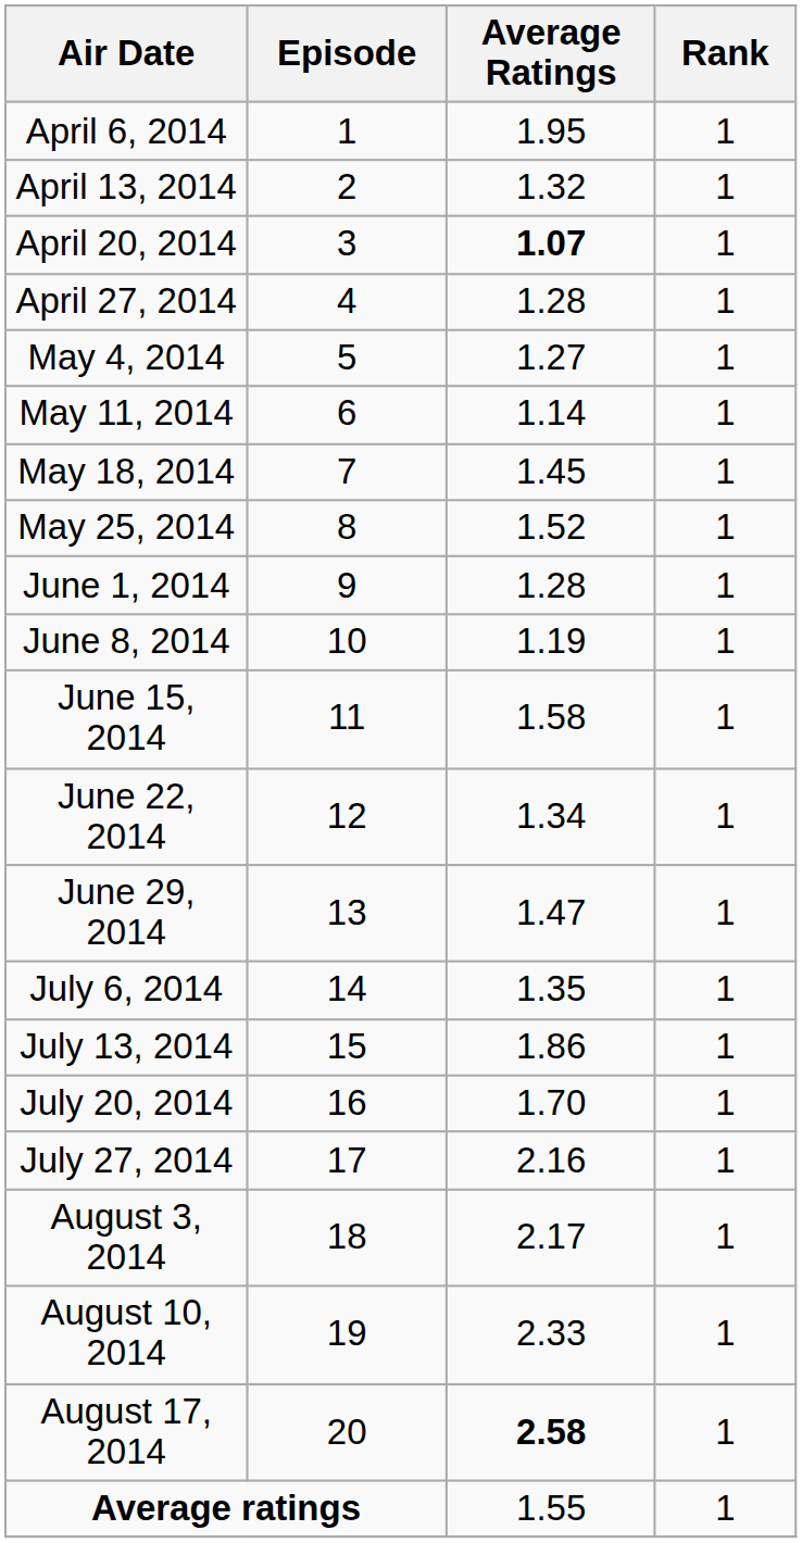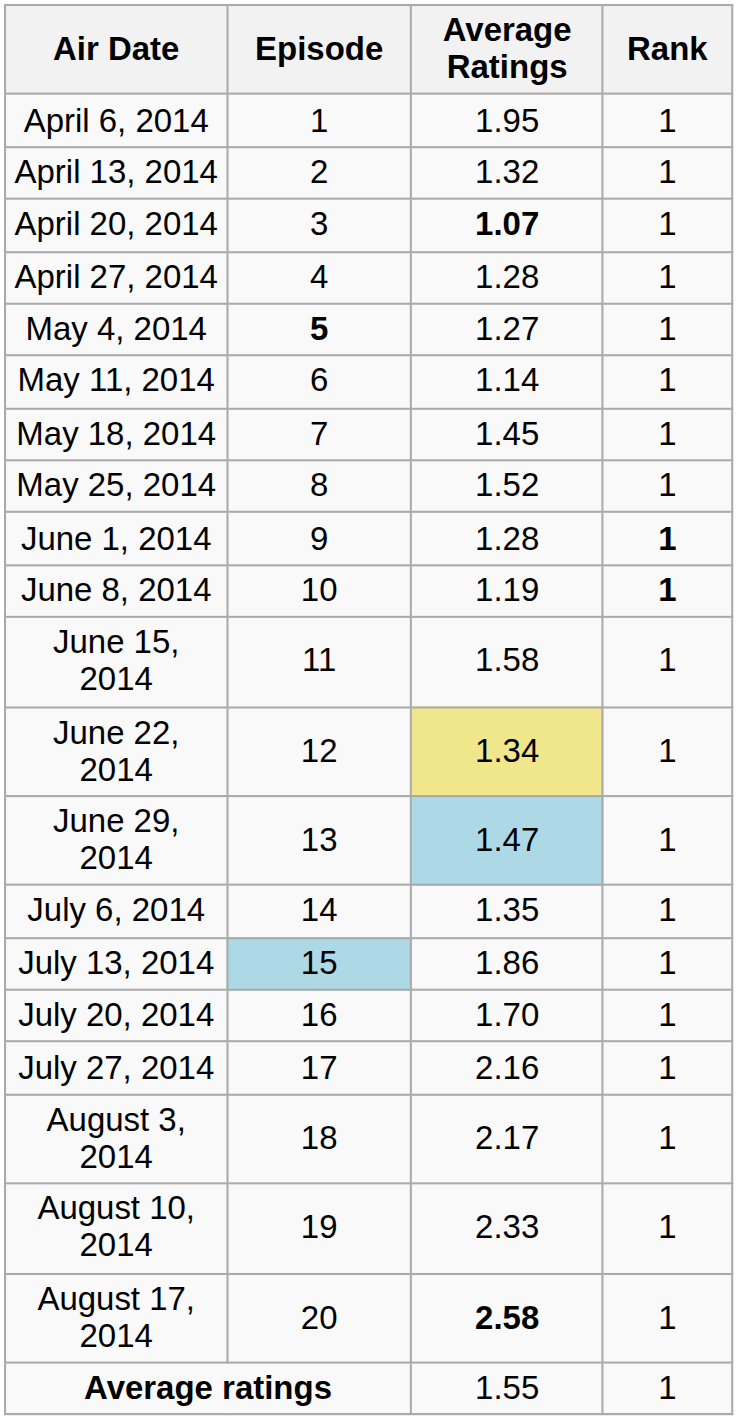 <table class="wikitable" style="text-align:center;width:40%;">
 <tr>
 <th width="13%">Air Date</th>
 <th width="5%">Episode</th>
 <th width="6%">Average Ratings</th>
 <th width="4%">Rank</th>
 </tr>
 <tr>
 <td>April 6, 2014</td>
 <td>1</td>
 <td>1.95</td>
 <td>1</td>
 </tr>
 <tr>
 <td>April 13, 2014</td>
 <td>2</td>
 <td>1.32</td>
 <td>1</td>
 </tr>
 <tr>
 <td>April 20, 2014</td>
 <td>3</td>
 <td><span><strong>1.07</strong></span></td>
 <td>1</td>
 </tr>
 <tr>
 <td>April 27, 2014</td>
 <td>4</td>
 <td>1.28</td>
 <td>1</td>
 </tr>
 <tr>
 <td>May 4, 2014</td>
-<td>5</td>
+<td><strong>5</strong></td>
 <td>1.27</td>
 <td>1</td>
 </tr>
 <tr>
 <td>May 11, 2014</td>
 <td>6</td>
 <td>1.14</td>
 <td>1</td>
 </tr>
 <tr>
 <td>May 18, 2014</td>
 <td>7</td>
 <td>1.45</td>
 <td>1</td>
 </tr>
 <tr>
 <td>May 25, 2014</td>
 <td>8</td>
 <td>1.52</td>
 <td>1</td>
 </tr>
 <tr>
 <td>June 1, 2014</td>
 <td>9</td>
 <td>1.28</td>
-<td>1</td>
+<td><strong>1</strong></td>
 </tr>
 <tr>
 <td>June 8, 2014</td>
 <td>10</td>
 <td>1.19</td>
-<td>1</td>
+<td><strong>1</strong></td>
 </tr>
 <tr>
 <td>June 15, 2014</td>
 <td>11</td>
 <td>1.58</td>
 <td>1</td>
 </tr>
 <tr>
 <td>June 22, 2014</td>
 <td>12</td>
-<td>1.34</td>
+<td style="background: khaki;">1.34</td>
 <td>1</td>
 </tr>
 <tr>
 <td>June 29, 2014</td>
 <td>13</td>
-<td>1.47</td>
+<td style="background: lightblue;">1.47</td>
 <td>1</td>
 </tr>
 <tr>
 <td>July 6, 2014</td>
 <td>14</td>
 <td>1.35</td>
 <td>1</td>
 </tr>
 <tr>
 <td>July 13, 2014</td>
-<td>15</td>
+<td style="background: lightblue;">15</td>
 <td>1.86</td>
 <td>1</td>
 </tr>
 <tr>
 <td>July 20, 2014</td>
 <td>16</td>
 <td>1.70</td>
 <td>1</td>
 </tr>
 <tr>
 <td>July 27, 2014</td>
 <td>17</td>
 <td>2.16</td>
 <td>1</td>
 </tr>
 <tr>
 <td>August 3, 2014</td>
 <td>18</td>
 <td>2.17</td>
 <td>1</td>
 </tr>
 <tr>
 <td>August 10, 2014</td>
 <td>19</td>
 <td>2.33</td>
 <td>1</td>
 </tr>
 <tr>
 <td>August 17, 2014</td>
 <td>20</td>
 <td><span><strong>2.58</strong></span></td>
 <td>1</td>
 </tr>
 <tr>
 <td colspan=2><strong>Average ratings</strong></td>
 <td>1.55</td>
 <td>1</td>
 </tr>
 <tr>
 </tr>
 </table>
